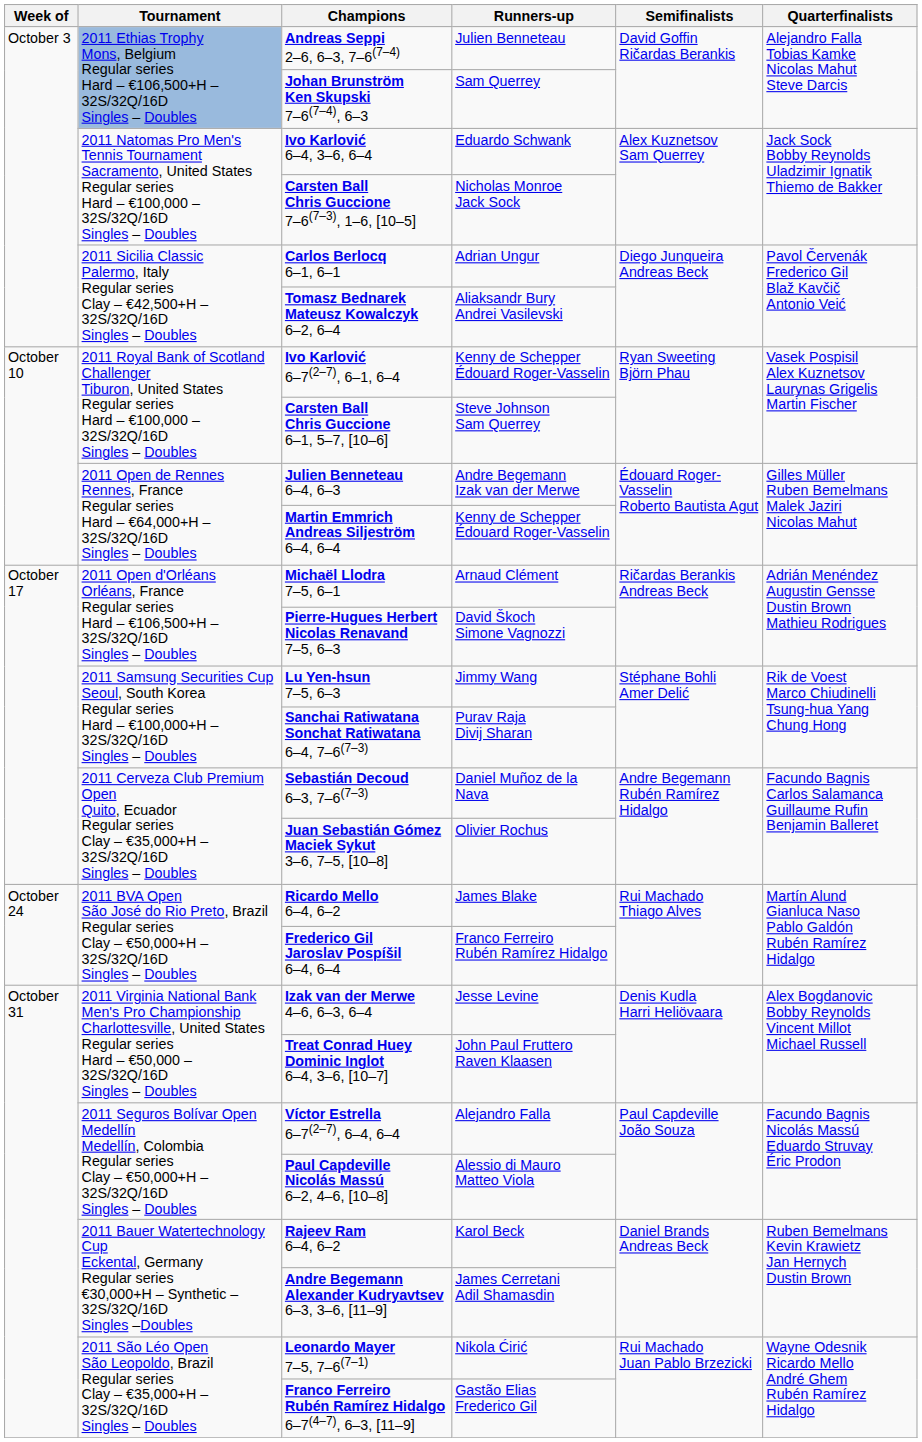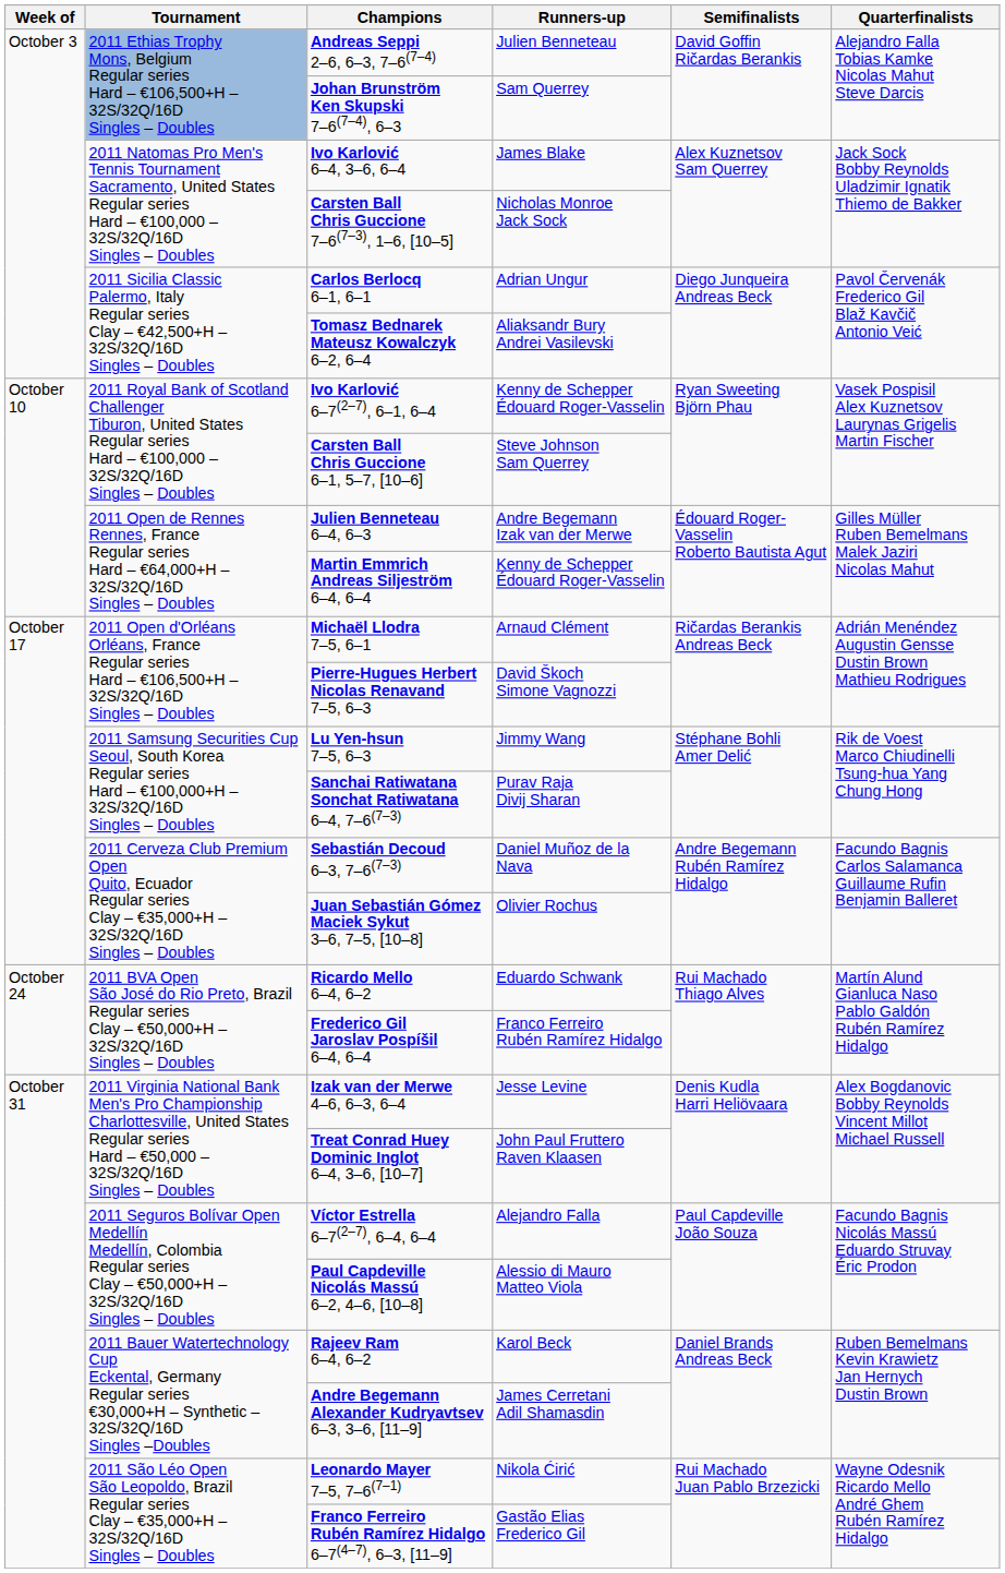 <table class=wikitable style=font-size:85%>
 <tr>
 <th width=75>Week of</th>
 <th width=250>Tournament</th>
 <th width=210>Champions</th>
 <th width=210>Runners-up</th>
 <th width=170>Semifinalists</th>
 <th width=170>Quarterfinalists</th>
 </tr>
 <tr valign=top>
 <td rowspan=6>October 3</td>
 <td bgcolor=#99BADD rowspan=2><a href='#'>2011 Ethias Trophy</a><br> <a href='#'>Mons</a>, Belgium<br>Regular series<br>Hard – €106,500+H – 32S/32Q/16D<br><a href='#'>Singles</a> – <a href='#'>Doubles</a></td>
 <td> <strong><a href='#'>Andreas Seppi</a></strong><br>2–6, 6–3, 7–6<sup>(7–4)</sup></td>
 <td> <a href='#'>Julien Benneteau</a></td>
 <td rowspan=2> <a href='#'>David Goffin</a><br> <a href='#'>Ričardas Berankis</a></td>
 <td rowspan=2> <a href='#'>Alejandro Falla</a><br> <a href='#'>Tobias Kamke</a><br> <a href='#'>Nicolas Mahut</a><br> <a href='#'>Steve Darcis</a></td>
 </tr>
 <tr valign=top>
 <td> <strong><a href='#'>Johan Brunström</a></strong><br> <strong><a href='#'>Ken Skupski</a></strong><br>7–6<sup>(7–4)</sup>, 6–3</td>
 <td> <a href='#'>Sam Querrey</a></td>
 </tr>
 <tr valign=top>
 <td rowspan=2><a href='#'>2011 Natomas Pro Men's Tennis Tournament</a><br> <a href='#'>Sacramento</a>, United States<br>Regular series<br>Hard – €100,000 – 32S/32Q/16D<br><a href='#'>Singles</a> – <a href='#'>Doubles</a></td>
 <td> <strong><a href='#'>Ivo Karlović</a></strong><br>6–4, 3–6, 6–4</td>
-<td> <a href='#'>Eduardo Schwank</a></td>
+<td> <a href='#'>James Blake</a></td>
 <td rowspan=2> <a href='#'>Alex Kuznetsov</a><br> <a href='#'>Sam Querrey</a></td>
 <td rowspan=2> <a href='#'>Jack Sock</a><br> <a href='#'>Bobby Reynolds</a><br> <a href='#'>Uladzimir Ignatik</a><br> <a href='#'>Thiemo de Bakker</a></td>
 </tr>
 <tr valign=top>
 <td> <strong><a href='#'>Carsten Ball</a></strong><br> <strong><a href='#'>Chris Guccione</a></strong><br>7–6<sup>(7–3)</sup>, 1–6, [10–5]</td>
 <td> <a href='#'>Nicholas Monroe</a><br> <a href='#'>Jack Sock</a></td>
 </tr>
 <tr valign=top>
 <td rowspan=2><a href='#'>2011 Sicilia Classic</a><br> <a href='#'>Palermo</a>, Italy<br>Regular series<br>Clay – €42,500+H – 32S/32Q/16D<br><a href='#'>Singles</a> – <a href='#'>Doubles</a></td>
 <td> <strong><a href='#'>Carlos Berlocq</a></strong><br>6–1, 6–1</td>
 <td> <a href='#'>Adrian Ungur</a></td>
 <td rowspan=2> <a href='#'>Diego Junqueira</a><br> <a href='#'>Andreas Beck</a></td>
 <td rowspan=2> <a href='#'>Pavol Červenák</a><br> <a href='#'>Frederico Gil</a><br> <a href='#'>Blaž Kavčič</a><br> <a href='#'>Antonio Veić</a></td>
 </tr>
 <tr valign=top>
 <td> <strong><a href='#'>Tomasz Bednarek</a></strong><br> <strong><a href='#'>Mateusz Kowalczyk</a></strong><br>6–2, 6–4</td>
 <td> <a href='#'>Aliaksandr Bury</a><br> <a href='#'>Andrei Vasilevski</a></td>
 </tr>
 <tr valign=top>
 <td rowspan=4>October 10</td>
 <td rowspan=2><a href='#'>2011 Royal Bank of Scotland Challenger</a><br> <a href='#'>Tiburon</a>, United States<br>Regular series<br>Hard – €100,000 – 32S/32Q/16D<br><a href='#'>Singles</a> – <a href='#'>Doubles</a></td>
 <td> <strong><a href='#'>Ivo Karlović</a></strong><br>6–7<sup>(2–7)</sup>, 6–1, 6–4</td>
 <td> <a href='#'>Kenny de Schepper</a><br> <a href='#'>Édouard Roger-Vasselin</a></td>
 <td rowspan=2> <a href='#'>Ryan Sweeting</a><br> <a href='#'>Björn Phau</a></td>
 <td rowspan=2> <a href='#'>Vasek Pospisil</a><br> <a href='#'>Alex Kuznetsov</a><br> <a href='#'>Laurynas Grigelis</a><br> <a href='#'>Martin Fischer</a></td>
 </tr>
 <tr valign=top>
 <td> <strong><a href='#'>Carsten Ball</a></strong><br> <strong><a href='#'>Chris Guccione</a></strong><br>6–1, 5–7, [10–6]</td>
 <td> <a href='#'>Steve Johnson</a><br> <a href='#'>Sam Querrey</a></td>
 </tr>
 <tr valign=top>
 <td rowspan=2><a href='#'>2011 Open de Rennes</a><br><a href='#'>Rennes</a>, France<br>Regular series<br>Hard – €64,000+H – 32S/32Q/16D<br><a href='#'>Singles</a> – <a href='#'>Doubles</a></td>
 <td> <strong><a href='#'>Julien Benneteau</a></strong><br>6–4, 6–3</td>
 <td> <a href='#'>Andre Begemann</a><br> <a href='#'>Izak van der Merwe</a></td>
 <td rowspan=2> <a href='#'>Édouard Roger-Vasselin</a><br> <a href='#'>Roberto Bautista Agut</a></td>
 <td rowspan=2> <a href='#'>Gilles Müller</a><br> <a href='#'>Ruben Bemelmans</a><br> <a href='#'>Malek Jaziri</a><br> <a href='#'>Nicolas Mahut</a></td>
 </tr>
 <tr valign=top>
 <td> <strong><a href='#'>Martin Emmrich</a></strong><br> <strong><a href='#'>Andreas Siljeström</a></strong><br>6–4, 6–4</td>
 <td> <a href='#'>Kenny de Schepper</a><br> <a href='#'>Édouard Roger-Vasselin</a></td>
 </tr>
 <tr valign=top>
 <td rowspan=6>October 17</td>
 <td rowspan=2><a href='#'>2011 Open d'Orléans</a><br><a href='#'>Orléans</a>, France<br>Regular series<br>Hard – €106,500+H – 32S/32Q/16D<br><a href='#'>Singles</a> – <a href='#'>Doubles</a></td>
 <td> <strong><a href='#'>Michaël Llodra</a></strong><br>7–5, 6–1</td>
 <td> <a href='#'>Arnaud Clément</a></td>
 <td rowspan=2> <a href='#'>Ričardas Berankis</a><br> <a href='#'>Andreas Beck</a></td>
 <td rowspan=2> <a href='#'>Adrián Menéndez</a><br> <a href='#'>Augustin Gensse</a><br> <a href='#'>Dustin Brown</a><br> <a href='#'>Mathieu Rodrigues</a></td>
 </tr>
 <tr valign=top>
 <td> <strong><a href='#'>Pierre-Hugues Herbert</a></strong><br> <strong><a href='#'>Nicolas Renavand</a></strong><br>7–5, 6–3</td>
 <td> <a href='#'>David Škoch</a><br> <a href='#'>Simone Vagnozzi</a></td>
 </tr>
 <tr valign=top>
 <td rowspan=2><a href='#'>2011 Samsung Securities Cup</a><br> <a href='#'>Seoul</a>, South Korea<br>Regular series<br>Hard – €100,000+H – 32S/32Q/16D<br><a href='#'>Singles</a> – <a href='#'>Doubles</a></td>
 <td> <strong><a href='#'>Lu Yen-hsun</a></strong><br>7–5, 6–3</td>
 <td> <a href='#'>Jimmy Wang</a></td>
 <td rowspan=2> <a href='#'>Stéphane Bohli</a><br> <a href='#'>Amer Delić</a></td>
 <td rowspan=2> <a href='#'>Rik de Voest</a><br> <a href='#'>Marco Chiudinelli</a><br> <a href='#'>Tsung-hua Yang</a><br> <a href='#'>Chung Hong</a></td>
 </tr>
 <tr valign=top>
 <td> <strong><a href='#'>Sanchai Ratiwatana</a></strong><br> <strong><a href='#'>Sonchat Ratiwatana</a></strong><br>6–4, 7–6<sup>(7–3)</sup></td>
 <td> <a href='#'>Purav Raja</a><br> <a href='#'>Divij Sharan</a></td>
 </tr>
 <tr valign=top>
 <td rowspan=2><a href='#'>2011 Cerveza Club Premium Open</a><br> <a href='#'>Quito</a>, Ecuador<br>Regular series<br>Clay – €35,000+H – 32S/32Q/16D<br><a href='#'>Singles</a> – <a href='#'>Doubles</a></td>
 <td> <strong><a href='#'>Sebastián Decoud</a></strong><br>6–3, 7–6<sup>(7–3)</sup></td>
 <td> <a href='#'>Daniel Muñoz de la Nava</a></td>
 <td rowspan=2> <a href='#'>Andre Begemann</a><br> <a href='#'>Rubén Ramírez Hidalgo</a></td>
 <td rowspan=2> <a href='#'>Facundo Bagnis</a><br> <a href='#'>Carlos Salamanca</a><br> <a href='#'>Guillaume Rufin</a><br> <a href='#'>Benjamin Balleret</a></td>
 </tr>
 <tr valign=top>
 <td> <strong><a href='#'>Juan Sebastián Gómez</a></strong><br> <strong><a href='#'>Maciek Sykut</a></strong><br>3–6, 7–5, [10–8]</td>
 <td> <a href='#'>Olivier Rochus</a></td>
 </tr>
 <tr valign=top>
 <td rowspan=2>October 24</td>
 <td rowspan=2><a href='#'>2011 BVA Open</a><br> <a href='#'>São José do Rio Preto</a>, Brazil<br>Regular series<br>Clay – €50,000+H – 32S/32Q/16D<br><a href='#'>Singles</a> – <a href='#'>Doubles</a></td>
 <td> <strong><a href='#'>Ricardo Mello</a></strong><br>6–4, 6–2</td>
-<td> <a href='#'>James Blake</a></td>
+<td> <a href='#'>Eduardo Schwank</a></td>
 <td rowspan=2> <a href='#'>Rui Machado</a><br> <a href='#'>Thiago Alves</a></td>
 <td rowspan=2> <a href='#'>Martín Alund</a><br> <a href='#'>Gianluca Naso</a><br> <a href='#'>Pablo Galdón</a><br> <a href='#'>Rubén Ramírez Hidalgo</a></td>
 </tr>
 <tr valign=top>
 <td> <strong><a href='#'>Frederico Gil</a></strong><br> <strong><a href='#'>Jaroslav Pospíšil</a></strong><br>6–4, 6–4</td>
 <td> <a href='#'>Franco Ferreiro</a><br> <a href='#'>Rubén Ramírez Hidalgo</a></td>
 </tr>
 <tr valign=top>
 <td rowspan=8>October 31</td>
 <td rowspan=2><a href='#'>2011 Virginia National Bank Men's Pro Championship</a><br> <a href='#'>Charlottesville</a>, United States<br>Regular series<br>Hard – €50,000 – 32S/32Q/16D<br><a href='#'>Singles</a> – <a href='#'>Doubles</a></td>
 <td> <strong><a href='#'>Izak van der Merwe</a></strong><br>4–6, 6–3, 6–4</td>
 <td> <a href='#'>Jesse Levine</a></td>
 <td rowspan=2> <a href='#'>Denis Kudla</a><br> <a href='#'>Harri Heliövaara</a></td>
 <td rowspan=2> <a href='#'>Alex Bogdanovic</a><br> <a href='#'>Bobby Reynolds</a><br> <a href='#'>Vincent Millot</a><br> <a href='#'>Michael Russell</a></td>
 </tr>
 <tr valign=top>
 <td> <strong><a href='#'>Treat Conrad Huey</a></strong><br> <strong><a href='#'>Dominic Inglot</a></strong><br>6–4, 3–6, [10–7]</td>
 <td> <a href='#'>John Paul Fruttero</a><br> <a href='#'>Raven Klaasen</a></td>
 </tr>
 <tr valign=top>
 <td rowspan=2><a href='#'>2011 Seguros Bolívar Open Medellín</a><br> <a href='#'>Medellín</a>, Colombia<br>Regular series<br>Clay – €50,000+H – 32S/32Q/16D<br><a href='#'>Singles</a> – <a href='#'>Doubles</a></td>
 <td> <strong><a href='#'>Víctor Estrella</a></strong><br>6–7<sup>(2–7)</sup>, 6–4, 6–4</td>
 <td> <a href='#'>Alejandro Falla</a></td>
 <td rowspan=2> <a href='#'>Paul Capdeville</a><br> <a href='#'>João Souza</a></td>
 <td rowspan=2> <a href='#'>Facundo Bagnis</a><br> <a href='#'>Nicolás Massú</a><br> <a href='#'>Eduardo Struvay</a><br> <a href='#'>Éric Prodon</a></td>
 </tr>
 <tr valign=top>
 <td> <strong><a href='#'>Paul Capdeville</a></strong><br> <strong><a href='#'>Nicolás Massú</a></strong><br>6–2, 4–6, [10–8]</td>
 <td> <a href='#'>Alessio di Mauro</a><br> <a href='#'>Matteo Viola</a></td>
 </tr>
 <tr valign=top>
 <td rowspan=2><a href='#'>2011 Bauer Watertechnology Cup</a><br><a href='#'>Eckental</a>, Germany<br>Regular series<br>€30,000+H – Synthetic – 32S/32Q/16D<br><a href='#'>Singles</a> –<a href='#'>Doubles</a></td>
 <td> <strong><a href='#'>Rajeev Ram</a></strong><br>6–4, 6–2</td>
 <td> <a href='#'>Karol Beck</a></td>
 <td rowspan=2> <a href='#'>Daniel Brands</a><br> <a href='#'>Andreas Beck</a></td>
 <td rowspan=2> <a href='#'>Ruben Bemelmans</a><br> <a href='#'>Kevin Krawietz</a><br> <a href='#'>Jan Hernych</a><br> <a href='#'>Dustin Brown</a></td>
 </tr>
 <tr valign=top>
 <td> <strong><a href='#'>Andre Begemann</a></strong><br> <strong><a href='#'>Alexander Kudryavtsev</a></strong><br>6–3, 3–6, [11–9]</td>
 <td> <a href='#'>James Cerretani</a><br> <a href='#'>Adil Shamasdin</a></td>
 </tr>
 <tr valign=top>
 <td rowspan=2><a href='#'>2011 São Léo Open</a><br> <a href='#'>São Leopoldo</a>, Brazil<br>Regular series<br>Clay – €35,000+H – 32S/32Q/16D<br><a href='#'>Singles</a> – <a href='#'>Doubles</a></td>
 <td> <strong><a href='#'>Leonardo Mayer</a></strong><br>7–5, 7–6<sup>(7–1)</sup></td>
 <td> <a href='#'>Nikola Ćirić</a></td>
 <td rowspan=2> <a href='#'>Rui Machado</a><br> <a href='#'>Juan Pablo Brzezicki</a></td>
 <td rowspan=2> <a href='#'>Wayne Odesnik</a><br> <a href='#'>Ricardo Mello</a><br> <a href='#'>André Ghem</a><br> <a href='#'>Rubén Ramírez Hidalgo</a></td>
 </tr>
 <tr valign=top>
 <td> <strong><a href='#'>Franco Ferreiro</a></strong><br> <strong><a href='#'>Rubén Ramírez Hidalgo</a></strong><br>6–7<sup>(4–7)</sup>, 6–3, [11–9]</td>
 <td> <a href='#'>Gastão Elias</a><br> <a href='#'>Frederico Gil</a></td>
 </tr>
 </table>
